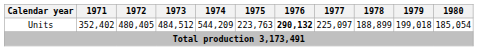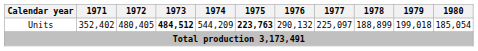 <table class="wikitable" style="text-align: center; background: white; margin:auto;">
 <tr>
 <th width="105px">Calendar year</th>
 <th>1971</th>
 <th>1972</th>
 <th>1973</th>
 <th>1974</th>
 <th>1975</th>
 <th>1976</th>
 <th>1977</th>
 <th>1978</th>
 <th>1979</th>
 <th>1980</th>
 </tr>
 <tr>
 <td>Units</td>
 <td>352,402</td>
 <td>480,405</td>
-<td>484,512</td>
+<td><strong>484,512</strong></td>
 <td>544,209</td>
-<td>223,763</td>
-<td><strong>290,132</strong></td>
+<td><strong>223,763</strong></td>
+<td>290,132</td>
 <td>225,097</td>
 <td>188,899</td>
 <td>199,018</td>
 <td>185,054</td>
 </tr>
 <tr>
 <th colspan="11" style="background:silver;">Total production 3,173,491</th>
 </tr>
 </table>
